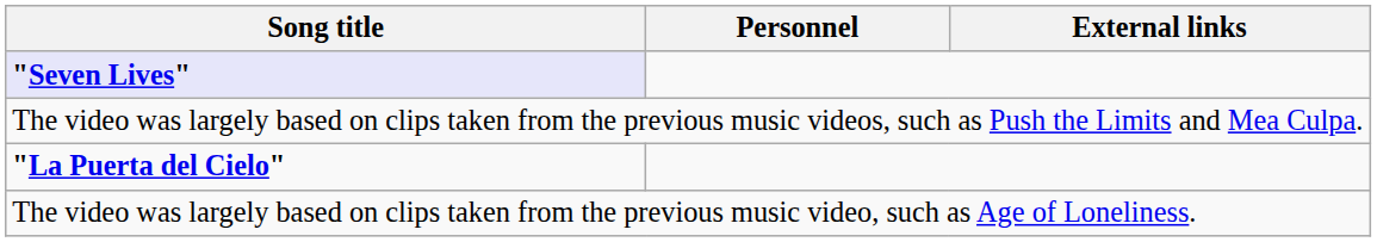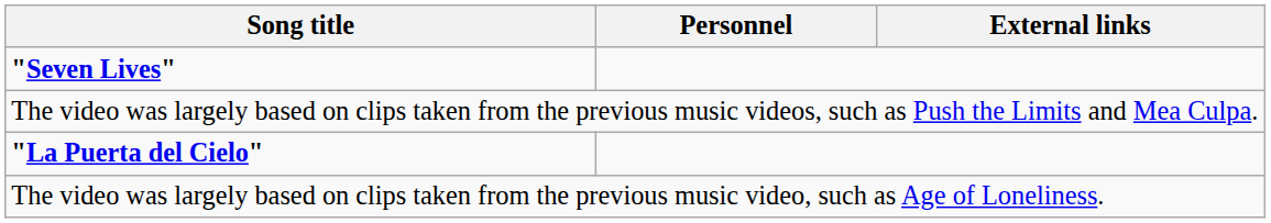 <table class="wikitable">
 <tr>
 <th>Song title</th>
 <th>Personnel</th>
 <th>External links</th>
 </tr>
 <tr>
-<td style="background: lavender;"><strong>"<a href='#'>Seven Lives</a>"</strong></td>
+<td><strong>"<a href='#'>Seven Lives</a>"</strong></td>
 </tr>
 <tr>
 <td colspan="6">The video was largely based on clips taken from the previous music videos, such as <a href='#'>Push the Limits</a> and <a href='#'>Mea Culpa</a>.</td>
 </tr>
 <tr>
 <td><strong>"<a href='#'>La Puerta del Cielo</a>"</strong></td>
 </tr>
 <tr>
 <td colspan="6">The video was largely based on clips taken from the previous music video, such as <a href='#'>Age of Loneliness</a>.</td>
 </tr>
 </table>
